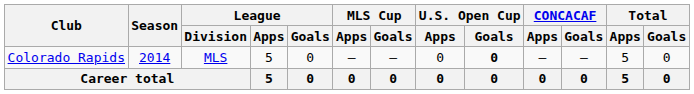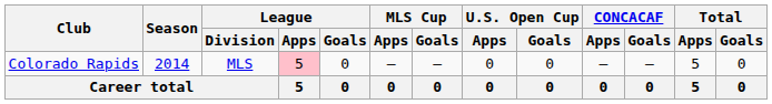 <table class="wikitable" style="text-align: center;">
 <tr>
 <th rowspan="2">Club</th>
 <th rowspan="2">Season</th>
 <th colspan="3">League</th>
 <th colspan="2">MLS Cup</th>
 <th colspan="2">U.S. Open Cup</th>
 <th colspan="2"><a href='#'>CONCACAF</a></th>
 <th colspan="2">Total</th>
 </tr>
 <tr>
 <th>Division</th>
 <th>Apps</th>
 <th>Goals</th>
 <th>Apps</th>
 <th>Goals</th>
 <th>Apps</th>
 <th>Goals</th>
 <th>Apps</th>
 <th>Goals</th>
 <th>Apps</th>
 <th>Goals</th>
 </tr>
 <tr>
 <td rowspan="1"><a href='#'>Colorado Rapids</a></td>
 <td><a href='#'>2014</a></td>
 <td><a href='#'>MLS</a></td>
-<td>5</td>
+<td style="background: pink;">5</td>
 <td>0</td>
 <td>—</td>
 <td>—</td>
 <td>0</td>
-<td><strong>0</strong></td>
+<td>0</td>
 <td>—</td>
 <td>—</td>
 <td>5</td>
 <td>0</td>
 </tr>
 <tr>
 <th colspan="3">Career total</th>
 <th>5</th>
 <th>0</th>
 <th>0</th>
 <th>0</th>
 <th>0</th>
 <th>0</th>
 <th>0</th>
 <th>0</th>
 <th>5</th>
 <th>0</th>
 </tr>
 </table>
